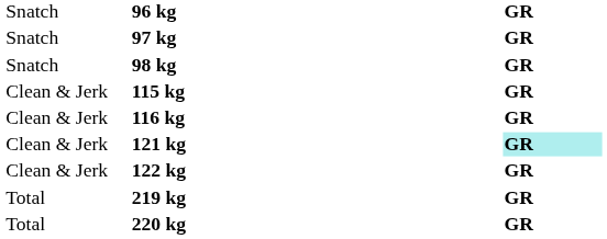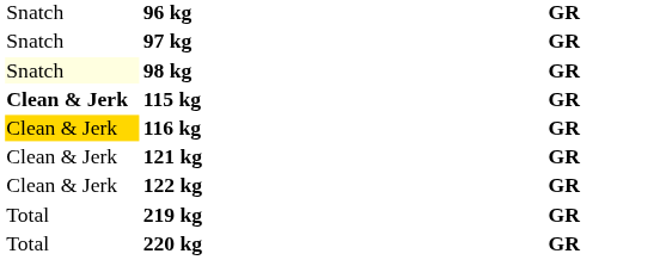 <table>
 <tr>
 <th width=100></th>
 <th width=100></th>
 <th width=200></th>
 <th width=80></th>
 </tr>
 <tr>
 <td>Snatch</td>
 <td><strong>96 kg</strong></td>
 <td></td>
 <td><strong>GR</strong></td>
 </tr>
 <tr>
 <td>Snatch</td>
 <td><strong>97 kg</strong></td>
 <td></td>
 <td><strong>GR</strong></td>
 </tr>
 <tr>
-<td>Snatch</td>
+<td style="background: lightyellow;">Snatch</td>
 <td><strong>98 kg</strong></td>
 <td></td>
 <td><strong>GR</strong></td>
 </tr>
 <tr>
-<td>Clean & Jerk</td>
+<td><strong>Clean & Jerk</strong></td>
 <td><strong>115 kg</strong></td>
 <td></td>
 <td><strong>GR</strong></td>
 </tr>
 <tr>
-<td>Clean & Jerk</td>
+<td style="background: gold;">Clean & Jerk</td>
 <td><strong>116 kg</strong></td>
 <td></td>
 <td><strong>GR</strong></td>
 </tr>
 <tr>
 <td>Clean & Jerk</td>
 <td><strong>121 kg</strong></td>
 <td></td>
-<td style="background: paleturquoise;"><strong>GR</strong></td>
+<td><strong>GR</strong></td>
 </tr>
 <tr>
 <td>Clean & Jerk</td>
 <td><strong>122 kg</strong></td>
 <td></td>
 <td><strong>GR</strong></td>
 </tr>
 <tr>
 <td>Total</td>
 <td><strong>219 kg</strong></td>
 <td></td>
 <td><strong>GR</strong></td>
 </tr>
 <tr>
 <td>Total</td>
 <td><strong>220 kg</strong></td>
 <td></td>
 <td><strong>GR</strong></td>
 </tr>
 </table>
